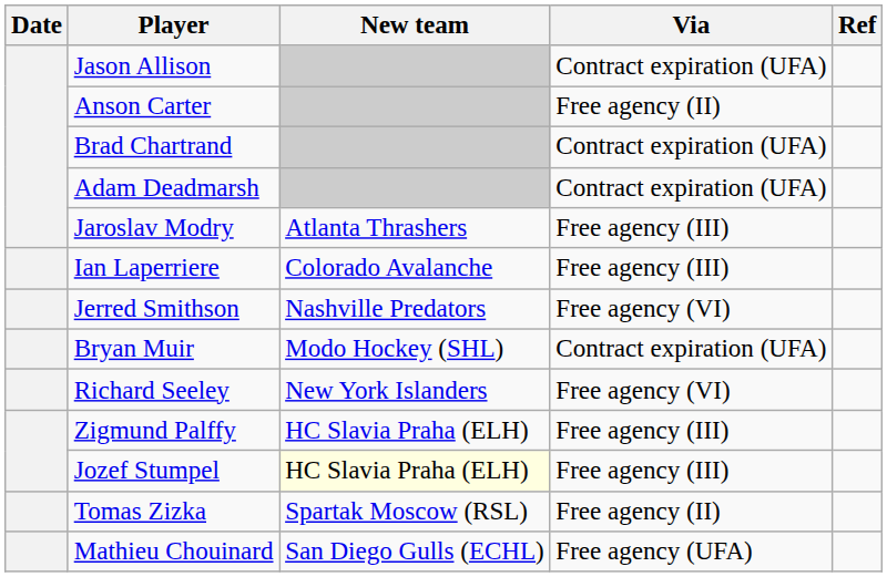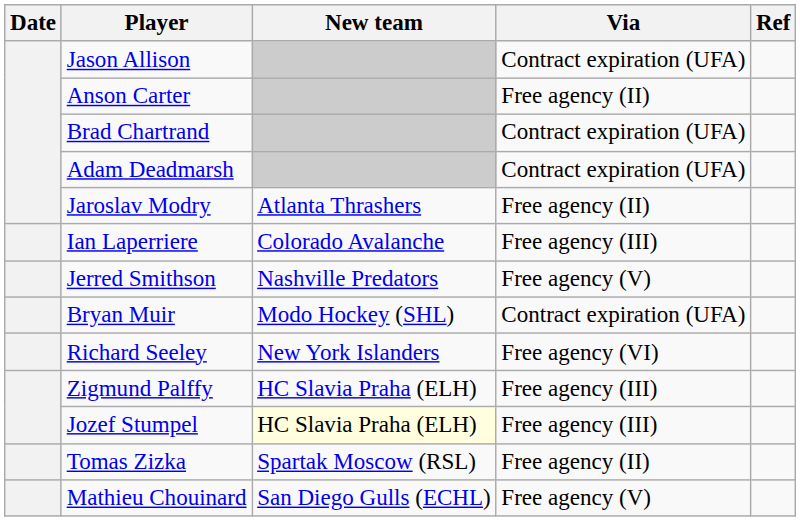 <table class="wikitable plainrowheaders">
 <tr style="background:#ddd; text-align:center;">
 <th>Date</th>
 <th>Player</th>
 <th>New team</th>
 <th>Via</th>
 <th>Ref</th>
 </tr>
 <tr>
 <th scope="row" rowspan=5></th>
 <td><a href='#'>Jason Allison</a></td>
 <td style="background:#ccc"></td>
 <td>Contract expiration (UFA)</td>
 <td></td>
 </tr>
 <tr>
 <td><a href='#'>Anson Carter</a></td>
 <td style="background:#ccc"></td>
 <td>Free agency (II)</td>
 <td></td>
 </tr>
 <tr>
 <td><a href='#'>Brad Chartrand</a></td>
 <td style="background:#ccc"></td>
 <td>Contract expiration (UFA)</td>
 <td></td>
 </tr>
 <tr>
 <td><a href='#'>Adam Deadmarsh</a></td>
 <td style="background:#ccc"></td>
 <td>Contract expiration (UFA)</td>
 <td></td>
 </tr>
 <tr>
 <td><a href='#'>Jaroslav Modry</a></td>
 <td><a href='#'>Atlanta Thrashers</a></td>
-<td>Free agency (III)</td>
+<td>Free agency (II)</td>
 <td></td>
 </tr>
 <tr>
 <th scope="row"></th>
 <td><a href='#'>Ian Laperriere</a></td>
 <td><a href='#'>Colorado Avalanche</a></td>
 <td>Free agency (III)</td>
 <td></td>
 </tr>
 <tr>
 <th scope="row"></th>
 <td><a href='#'>Jerred Smithson</a></td>
 <td><a href='#'>Nashville Predators</a></td>
-<td>Free agency (VI)</td>
+<td>Free agency (V)</td>
 <td></td>
 </tr>
 <tr>
 <th scope="row"></th>
 <td><a href='#'>Bryan Muir</a></td>
 <td><a href='#'>Modo Hockey</a> (<a href='#'>SHL</a>)</td>
 <td>Contract expiration (UFA)</td>
 <td></td>
 </tr>
 <tr>
 <th scope="row"></th>
 <td><a href='#'>Richard Seeley</a></td>
 <td><a href='#'>New York Islanders</a></td>
 <td>Free agency (VI)</td>
 <td></td>
 </tr>
 <tr>
 <th scope="row" rowspan=2></th>
 <td><a href='#'>Zigmund Palffy</a></td>
 <td><a href='#'>HC Slavia Praha</a> (ELH)</td>
 <td>Free agency (III)</td>
 <td></td>
 </tr>
 <tr>
 <td><a href='#'>Jozef Stumpel</a></td>
 <td style="background: lightyellow;">HC Slavia Praha (ELH)</td>
 <td>Free agency (III)</td>
 <td></td>
 </tr>
 <tr>
 <th scope="row"></th>
 <td><a href='#'>Tomas Zizka</a></td>
 <td><a href='#'>Spartak Moscow</a> (RSL)</td>
 <td>Free agency (II)</td>
 <td></td>
 </tr>
 <tr>
 <th scope="row"></th>
 <td><a href='#'>Mathieu Chouinard</a></td>
 <td><a href='#'>San Diego Gulls</a> (<a href='#'>ECHL</a>)</td>
-<td>Free agency (UFA)</td>
+<td>Free agency (V)</td>
 <td></td>
 </tr>
 </table>
